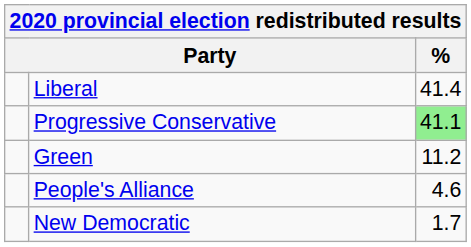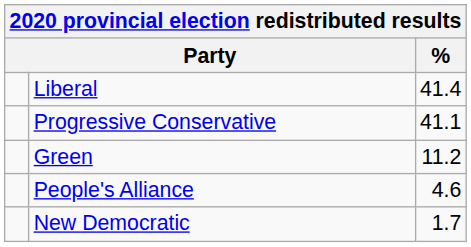 <table class="wikitable">
 <tr>
 <th colspan="4"><a href='#'>2020 provincial election</a> redistributed results</th>
 </tr>
 <tr>
 <th bgcolor="#DDDDFF" width="130px" colspan="2">Party</th>
 <th bgcolor="#DDDDFF" width="30px">%</th>
 </tr>
 <tr>
 <td> </td>
 <td><a href='#'>Liberal</a></td>
 <td align=right>41.4</td>
 </tr>
 <tr>
 <td> </td>
 <td><a href='#'>Progressive Conservative</a></td>
-<td align=right style="background: lightgreen;">41.1</td>
+<td align=right>41.1</td>
 </tr>
 <tr>
 <td> </td>
 <td><a href='#'>Green</a></td>
 <td align=right>11.2</td>
 </tr>
 <tr>
 <td> </td>
 <td><a href='#'>People's Alliance</a></td>
 <td align=right>4.6</td>
 </tr>
 <tr>
 <td> </td>
 <td><a href='#'>New Democratic</a></td>
 <td align=right>1.7</td>
 </tr>
 </table>
